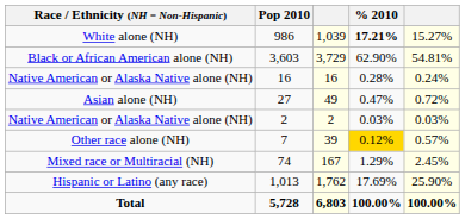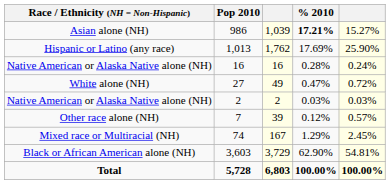 <table class="wikitable" style="text-align:center;">
 <tr>
 <th>Race / Ethnicity <small>(<em>NH = Non-Hispanic</em>)</small></th>
 <th>Pop 2010</th>
 <th></th>
 <th>% 2010</th>
 <th></th>
 </tr>
 <tr>
-<td><a href='#'>White</a> alone (NH)</td>
+<td><a href='#'>Asian</a> alone (NH)</td>
 <td>986</td>
 <td style='background: #ffffe6;'>1,039</td>
 <td><strong>17.21%</strong></td>
 <td style='background: #ffffe6;'>15.27%</td>
 </tr>
 <tr>
-<td><a href='#'>Black or African American</a> alone (NH)</td>
-<td>3,603</td>
-<td style='background: #ffffe6;'>3,729</td>
-<td>62.90%</td>
-<td style='background: #ffffe6;'>54.81%</td>
+<td><a href='#'>Hispanic or Latino</a> (any race)</td>
+<td>1,013</td>
+<td style='background: #ffffe6;'>1,762</td>
+<td>17.69%</td>
+<td style='background: #ffffe6;'>25.90%</td>
 </tr>
 <tr>
 <td><a href='#'>Native American</a> or <a href='#'>Alaska Native</a> alone (NH)</td>
 <td>16</td>
 <td style='background: #ffffe6;'>16</td>
 <td>0.28%</td>
 <td style='background: #ffffe6;'>0.24%</td>
 </tr>
 <tr>
-<td><a href='#'>Asian</a> alone (NH)</td>
+<td><a href='#'>White</a> alone (NH)</td>
 <td>27</td>
 <td style='background: #ffffe6;'>49</td>
 <td>0.47%</td>
 <td style='background: #ffffe6;'>0.72%</td>
 </tr>
 <tr>
 <td><a href='#'>Native American</a> or <a href='#'>Alaska Native</a> alone (NH)</td>
 <td>2</td>
 <td style='background: #ffffe6;'>2</td>
 <td>0.03%</td>
 <td style='background: #ffffe6;'>0.03%</td>
 </tr>
 <tr>
 <td><a href='#'>Other race</a> alone (NH)</td>
 <td>7</td>
 <td style='background: #ffffe6;'>39</td>
-<td style="background: gold;">0.12%</td>
+<td>0.12%</td>
 <td style='background: #ffffe6;'>0.57%</td>
 </tr>
 <tr>
 <td><a href='#'>Mixed race or Multiracial</a> (NH)</td>
 <td>74</td>
 <td style='background: #ffffe6;'>167</td>
 <td>1.29%</td>
 <td style='background: #ffffe6;'>2.45%</td>
 </tr>
 <tr>
-<td><a href='#'>Hispanic or Latino</a> (any race)</td>
-<td>1,013</td>
-<td style='background: #ffffe6;'>1,762</td>
-<td>17.69%</td>
-<td style='background: #ffffe6;'>25.90%</td>
+<td><a href='#'>Black or African American</a> alone (NH)</td>
+<td>3,603</td>
+<td style='background: #ffffe6;'>3,729</td>
+<td>62.90%</td>
+<td style='background: #ffffe6;'>54.81%</td>
 </tr>
 <tr>
 <td><strong>Total</strong></td>
 <td><strong>5,728</strong></td>
 <td style='background: #ffffe6;'><strong>6,803</strong></td>
 <td><strong>100.00%</strong></td>
 <td style='background: #ffffe6;'><strong>100.00%</strong></td>
 </tr>
 </table>
